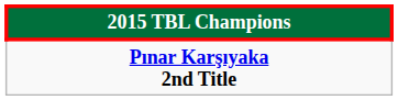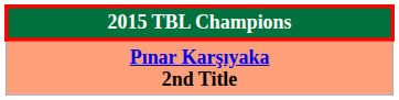 <table class="wikitable" style="margin: 0 auto; width: 20%;">
 <tr>
 <th style="background: #00703C; color:#FFFFFF ; border: 3px solid #FF0000;">2015 TBL Champions</th>
 </tr>
 <tr>
-<td align=center><strong><a href='#'>Pınar Karşıyaka</a></strong><br><strong>2nd Title</strong> <br></td>
+<td align=center style="background: lightsalmon;"><strong><a href='#'>Pınar Karşıyaka</a></strong><br><strong>2nd Title</strong> <br></td>
 </tr>
 </table>
